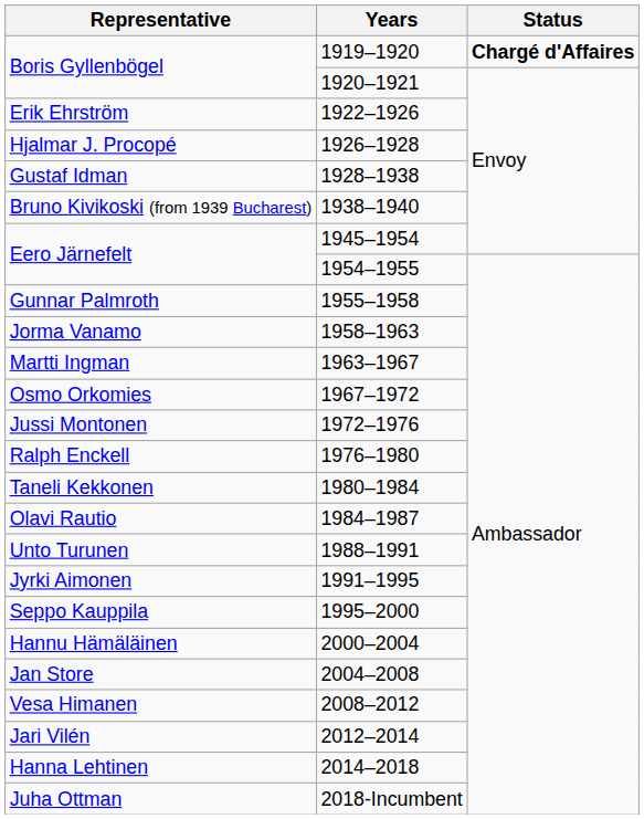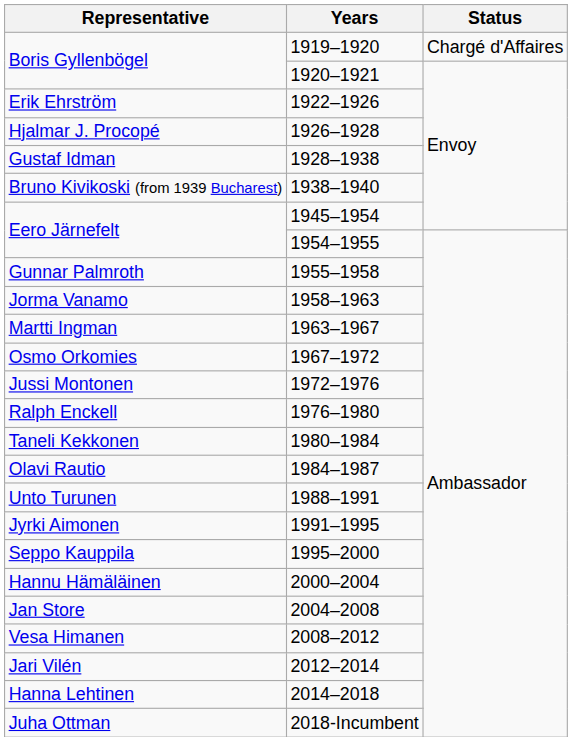 <table class="wikitable sortable">
 <tr>
 <th>Representative</th>
 <th>Years</th>
 <th>Status</th>
 </tr>
 <tr>
 <td rowspan="2"><a href='#'>Boris Gyllenbögel</a></td>
 <td>1919–1920</td>
-<td><strong>Chargé d'Affaires</strong></td>
+<td>Chargé d'Affaires</td>
 </tr>
 <tr>
 <td>1920–1921</td>
 <td rowspan="6">Envoy</td>
 </tr>
 <tr>
 <td><a href='#'>Erik Ehrström</a></td>
 <td>1922–1926</td>
 </tr>
 <tr>
 <td><a href='#'>Hjalmar J. Procopé</a></td>
 <td>1926–1928</td>
 </tr>
 <tr>
 <td><a href='#'>Gustaf Idman</a></td>
 <td>1928–1938</td>
 </tr>
 <tr>
 <td><a href='#'>Bruno Kivikoski</a> <small>(from 1939 <a href='#'>Bucharest</a>)</small></td>
 <td>1938–1940</td>
 </tr>
 <tr>
 <td rowspan="2"><a href='#'>Eero Järnefelt</a></td>
 <td>1945–1954</td>
 </tr>
 <tr>
 <td>1954–1955</td>
 <td rowspan="18">Ambassador</td>
 </tr>
 <tr>
 <td><a href='#'>Gunnar Palmroth</a></td>
 <td>1955–1958</td>
 </tr>
 <tr>
 <td><a href='#'>Jorma Vanamo</a></td>
 <td>1958–1963</td>
 </tr>
 <tr>
 <td><a href='#'>Martti Ingman</a></td>
 <td>1963–1967</td>
 </tr>
 <tr>
 <td><a href='#'>Osmo Orkomies</a></td>
 <td>1967–1972</td>
 </tr>
 <tr>
 <td><a href='#'>Jussi Montonen</a></td>
 <td>1972–1976</td>
 </tr>
 <tr>
 <td><a href='#'>Ralph Enckell</a></td>
 <td>1976–1980</td>
 </tr>
 <tr>
 <td><a href='#'>Taneli Kekkonen</a></td>
 <td>1980–1984</td>
 </tr>
 <tr>
 <td><a href='#'>Olavi Rautio</a></td>
 <td>1984–1987</td>
 </tr>
 <tr>
 <td><a href='#'>Unto Turunen</a></td>
 <td>1988–1991</td>
 </tr>
 <tr>
 <td><a href='#'>Jyrki Aimonen</a></td>
 <td>1991–1995</td>
 </tr>
 <tr>
 <td><a href='#'>Seppo Kauppila</a></td>
 <td>1995–2000</td>
 </tr>
 <tr>
 <td><a href='#'>Hannu Hämäläinen</a></td>
 <td>2000–2004</td>
 </tr>
 <tr>
 <td><a href='#'>Jan Store</a></td>
 <td>2004–2008</td>
 </tr>
 <tr>
 <td><a href='#'>Vesa Himanen</a></td>
 <td>2008–2012</td>
 </tr>
 <tr>
 <td><a href='#'>Jari Vilén</a></td>
 <td>2012–2014</td>
 </tr>
 <tr>
 <td><a href='#'>Hanna Lehtinen</a></td>
 <td>2014–2018</td>
 </tr>
 <tr>
 <td><a href='#'>Juha Ottman</a></td>
 <td>2018-Incumbent</td>
 </tr>
 </table>
